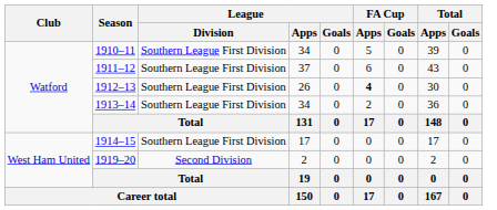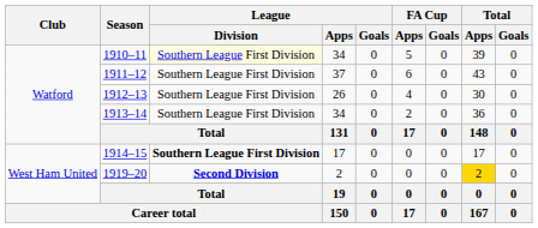 <table class="wikitable" style="text-align: center;">
 <tr>
 <th rowspan="2">Club</th>
 <th rowspan="2">Season</th>
 <th colspan="3">League</th>
 <th colspan="2">FA Cup</th>
 <th colspan="2">Total</th>
 </tr>
 <tr>
 <th>Division</th>
 <th>Apps</th>
 <th>Goals</th>
 <th>Apps</th>
 <th>Goals</th>
 <th>Apps</th>
 <th>Goals</th>
 </tr>
 <tr>
 <td rowspan="5"><a href='#'>Watford</a></td>
 <td><a href='#'>1910–11</a></td>
-<td><a href='#'>Southern League</a> First Division</td>
+<td style="background: lightyellow;"><a href='#'>Southern League</a> First Division</td>
 <td>34</td>
 <td>0</td>
 <td>5</td>
 <td>0</td>
 <td>39</td>
 <td>0</td>
 </tr>
 <tr>
 <td><a href='#'>1911–12</a></td>
 <td>Southern League First Division</td>
 <td>37</td>
 <td>0</td>
 <td>6</td>
 <td>0</td>
 <td>43</td>
 <td>0</td>
 </tr>
 <tr>
 <td><a href='#'>1912–13</a></td>
 <td>Southern League First Division</td>
 <td>26</td>
 <td>0</td>
-<td><strong>4</strong></td>
+<td>4</td>
 <td>0</td>
 <td>30</td>
 <td>0</td>
 </tr>
 <tr>
 <td><a href='#'>1913–14</a></td>
 <td>Southern League First Division</td>
 <td>34</td>
 <td>0</td>
 <td>2</td>
 <td>0</td>
 <td>36</td>
 <td>0</td>
 </tr>
 <tr>
 <th colspan="2">Total</th>
 <th>131</th>
 <th>0</th>
 <th>17</th>
 <th>0</th>
 <th>148</th>
 <th>0</th>
 </tr>
 <tr>
 <td rowspan="3"><a href='#'>West Ham United</a></td>
 <td><a href='#'>1914–15</a></td>
-<td>Southern League First Division</td>
+<td><strong>Southern League First Division</strong></td>
 <td>17</td>
 <td>0</td>
 <td>0</td>
 <td>0</td>
 <td>17</td>
 <td>0</td>
 </tr>
 <tr>
 <td><a href='#'>1919–20</a></td>
-<td><a href='#'>Second Division</a></td>
+<td><strong><a href='#'>Second Division</a></strong></td>
 <td>2</td>
 <td>0</td>
 <td>0</td>
 <td>0</td>
-<td>2</td>
+<td style="background: gold;">2</td>
 <td>0</td>
 </tr>
 <tr>
 <th colspan="2">Total</th>
 <th>19</th>
 <th>0</th>
 <th>0</th>
 <th>0</th>
 <th>0</th>
 <th>0</th>
 </tr>
 <tr>
 <th colspan="3">Career total</th>
 <th>150</th>
 <th>0</th>
 <th>17</th>
 <th>0</th>
 <th>167</th>
 <th>0</th>
 </tr>
 </table>
